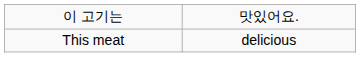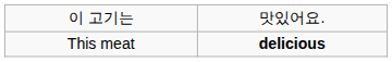 <table class="wikitable" style="text-align:center;width:400px" border="1">
 <tr>
 <td>이 고기는</td>
 <td>맛있어요.</td>
 </tr>
 <tr>
 <td>This meat</td>
-<td>delicious</td>
+<td><strong>delicious</strong></td>
 </tr>
 </table>
